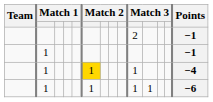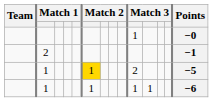 <table class="wikitable sortable" style="text-align:center;">
 <tr>
 <th rowspan=2>Team</th>
 <th colspan=4 style="border-left:3px solid gray">Match 1</th>
 <th colspan=4 style="border-left:3px solid gray">Match 2</th>
 <th colspan=4 style="border-left:3px solid gray">Match 3</th>
 <th rowspan=2 style="border-left:3px solid gray">Points</th>
 </tr>
 <tr>
 <th style="border-left:3px solid gray"></th>
 <th></th>
 <th></th>
 <th></th>
 <th style="border-left:3px solid gray"></th>
 <th></th>
 <th></th>
 <th></th>
 <th style="border-left:3px solid gray"></th>
 <th></th>
 <th></th>
 <th></th>
 </tr>
 <tr>
 <td align=left></td>
 <td style="border-left:3px solid gray"></td>
 <td></td>
 <td></td>
 <td></td>
 <td style="border-left:3px solid gray"></td>
 <td></td>
 <td></td>
 <td></td>
-<td style="border-left:3px solid gray">2</td>
+<td style="border-left:3px solid gray">1</td>
 <td></td>
 <td></td>
 <td></td>
-<th style="border-left:3px solid gray">−1</th>
+<th style="border-left:3px solid gray">−0</th>
 </tr>
 <tr>
 <td align=left></td>
-<td style="border-left:3px solid gray">1</td>
+<td style="border-left:3px solid gray">2</td>
 <td></td>
 <td></td>
 <td></td>
 <td style="border-left:3px solid gray"></td>
 <td></td>
 <td></td>
 <td></td>
 <td style="border-left:3px solid gray"></td>
 <td></td>
 <td></td>
 <td></td>
 <th style="border-left:3px solid gray">−1</th>
 </tr>
 <tr>
 <td align=left></td>
 <td style="border-left:3px solid gray">1</td>
 <td></td>
 <td></td>
 <td></td>
 <td style="background: gold; border-left:3px solid gray">1</td>
 <td></td>
 <td></td>
 <td></td>
-<td style="border-left:3px solid gray">1</td>
+<td style="border-left:3px solid gray">2</td>
 <td></td>
 <td></td>
 <td></td>
-<th style="border-left:3px solid gray">−4</th>
+<th style="border-left:3px solid gray">−5</th>
 </tr>
 <tr>
 <td align=left></td>
 <td style="border-left:3px solid gray">1</td>
 <td></td>
 <td></td>
 <td></td>
 <td style="border-left:3px solid gray">1</td>
 <td></td>
 <td></td>
 <td></td>
 <td style="border-left:3px solid gray">1</td>
 <td>1</td>
 <td></td>
 <td></td>
 <th style="border-left:3px solid gray">−6</th>
 </tr>
 </table>
